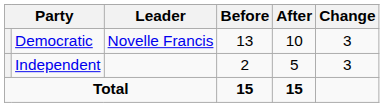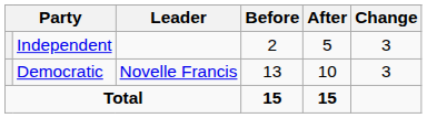 <table class="wikitable" style="text-align:center;">
 <tr>
 </tr>
 <tr>
 <th colspan=2>Party</th>
 <th>Leader</th>
 <th>Before</th>
 <th>After</th>
 <th>Change</th>
 </tr>
 <tr>
 <th style="background-color:"></th>
+<td style="text-align:left;"><a href='#'>Independent</a></td>
+<td style="text-align:left;"></td>
+<td>2</td>
+<td>5</td>
+<td> 3</td>
+</tr>
+<tr>
+<th style="background-color:"></th>
 <td style="text-align:left;"><a href='#'>Democratic</a></td>
 <td style="text-align:left;"><a href='#'>Novelle Francis</a></td>
 <td>13</td>
 <td>10</td>
-<td> 3</td>
-</tr>
-<tr>
-<th style="background-color:"></th>
-<td style="text-align:left;"><a href='#'>Independent</a></td>
-<td style="text-align:left;"></td>
-<td>2</td>
-<td>5</td>
 <td> 3</td>
 </tr>
 <tr>
 <td colspan=3><strong>Total</strong></td>
 <td><strong>15</strong></td>
 <td><strong>15</strong></td>
 <td></td>
 </tr>
 </table>
